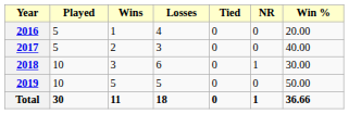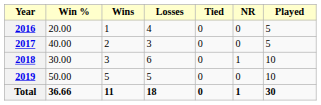 <table class="wikitable" style="width:25%;">
 <tr>
 <th style="background:#ffc;">Year</th>
-<th style="background:#ffc;">Played</th>
+<th style="background:#ffc;">Win %</th>
 <th style="background:#ffc;">Wins</th>
 <th style="background:#ffc;">Losses</th>
 <th style="background:#ffc;">Tied</th>
 <th style="background:#ffc;">NR</th>
-<th style="background:#ffc;">Win %</th>
+<th style="background:#ffc;">Played</th>
 </tr>
 <tr>
 <th><a href='#'>2016</a></th>
-<td>5</td>
+<td>20.00</td>
 <td>1</td>
 <td>4</td>
 <td>0</td>
 <td>0</td>
-<td>20.00</td>
+<td>5</td>
 </tr>
 <tr>
 <th><a href='#'>2017</a></th>
-<td>5</td>
+<td>40.00</td>
 <td>2</td>
 <td>3</td>
 <td>0</td>
 <td>0</td>
-<td>40.00</td>
+<td>5</td>
 </tr>
 <tr>
 <th><a href='#'>2018</a></th>
-<td>10</td>
+<td>30.00</td>
 <td>3</td>
 <td>6</td>
 <td>0</td>
 <td>1</td>
-<td>30.00</td>
+<td>10</td>
 </tr>
 <tr>
 <th><a href='#'>2019</a></th>
-<td>10</td>
+<td>50.00</td>
 <td>5</td>
 <td>5</td>
 <td>0</td>
 <td>0</td>
-<td>50.00</td>
+<td>10</td>
 </tr>
 <tr>
 <th>Total</th>
-<td><strong>30</strong></td>
+<td><strong>36.66</strong></td>
 <td><strong>11</strong></td>
 <td><strong>18</strong></td>
 <td><strong>0</strong></td>
 <td><strong>1</strong></td>
-<td><strong>36.66</strong></td>
+<td><strong>30</strong></td>
 </tr>
 </table>
